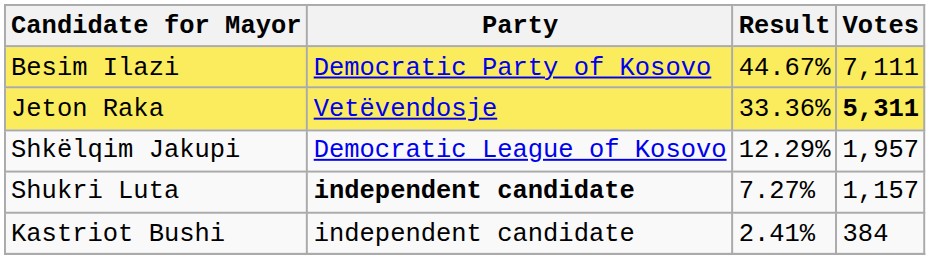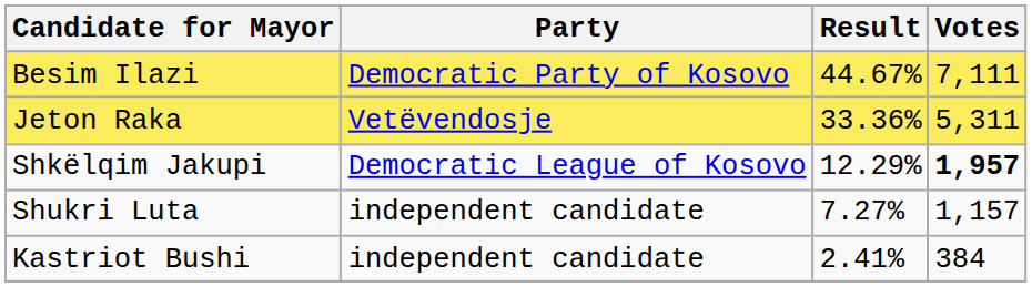 <table class=wikitable>
 <tr>
 <th>Candidate for Mayor</th>
 <th>Party</th>
 <th>Result</th>
 <th>Votes</th>
 </tr>
 <tr>
 <td style="background:#FBEC5D;">Besim Ilazi</td>
 <td style="background:#FBEC5D;"><a href='#'>Democratic Party of Kosovo</a></td>
 <td style="background:#FBEC5D;">44.67%</td>
 <td style="background:#FBEC5D;">7,111</td>
 </tr>
 <tr>
 <td style="background:#FBEC5D;">Jeton Raka</td>
 <td style="background:#FBEC5D;"><a href='#'>Vetëvendosje</a></td>
 <td style="background:#FBEC5D;">33.36%</td>
-<td style="background:#FBEC5D;"><strong>5,311</strong></td>
+<td style="background:#FBEC5D;">5,311</td>
 </tr>
 <tr>
 <td>Shkëlqim Jakupi</td>
 <td><a href='#'>Democratic League of Kosovo</a></td>
 <td>12.29%</td>
-<td>1,957</td>
+<td><strong>1,957</strong></td>
 </tr>
 <tr>
 <td>Shukri Luta</td>
-<td><strong>independent candidate</strong></td>
+<td>independent candidate</td>
 <td>7.27%</td>
 <td>1,157</td>
 </tr>
 <tr>
 <td>Kastriot Bushi</td>
 <td>independent candidate</td>
 <td>2.41%</td>
 <td>384</td>
 </tr>
 <tr>
 </tr>
 </table>
